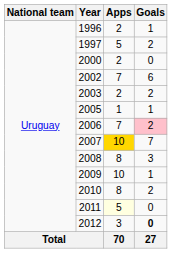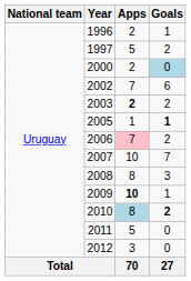 <table class=wikitable style="text-align: center">
 <tr>
 <th>National team</th>
 <th>Year</th>
 <th>Apps</th>
 <th>Goals</th>
 </tr>
 <tr>
 <td rowspan="13"><a href='#'>Uruguay</a></td>
 <td>1996</td>
 <td>2</td>
 <td>1</td>
 </tr>
 <tr>
 <td>1997</td>
 <td>5</td>
 <td>2</td>
 </tr>
 <tr>
 <td>2000</td>
 <td>2</td>
-<td>0</td>
+<td style="background: lightblue;">0</td>
 </tr>
 <tr>
 <td>2002</td>
 <td>7</td>
 <td>6</td>
 </tr>
 <tr>
 <td>2003</td>
-<td>2</td>
+<td><strong>2</strong></td>
 <td>2</td>
 </tr>
 <tr>
 <td>2005</td>
 <td>1</td>
-<td>1</td>
+<td><strong>1</strong></td>
 </tr>
 <tr>
 <td>2006</td>
-<td>7</td>
-<td style="background: pink;">2</td>
+<td style="background: pink;">7</td>
+<td>2</td>
 </tr>
 <tr>
 <td>2007</td>
-<td style="background: gold;">10</td>
+<td>10</td>
 <td>7</td>
 </tr>
 <tr>
 <td>2008</td>
 <td>8</td>
 <td>3</td>
 </tr>
 <tr>
 <td>2009</td>
-<td>10</td>
+<td><strong>10</strong></td>
 <td>1</td>
 </tr>
 <tr>
 <td>2010</td>
-<td>8</td>
-<td>2</td>
+<td style="background: lightblue;">8</td>
+<td><strong>2</strong></td>
 </tr>
 <tr>
 <td>2011</td>
-<td style="background: lightyellow;">5</td>
+<td>5</td>
 <td>0</td>
 </tr>
 <tr>
 <td>2012</td>
 <td>3</td>
-<td><strong>0</strong></td>
+<td>0</td>
 </tr>
 <tr>
 <th colspan="2">Total</th>
 <th>70</th>
 <th>27</th>
 </tr>
 </table>
